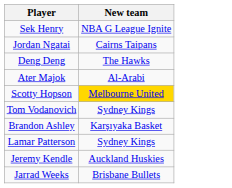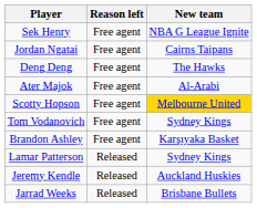 <table class="wikitable sortable sortable" style="text-align: center">
 <tr>
 <th>Player</th>
+<th>Reason left</th>
 <th>New team</th>
 </tr>
 <tr>
 <td><a href='#'>Sek Henry</a></td>
+<td>Free agent</td>
 <td><a href='#'>NBA G League Ignite</a></td>
 </tr>
 <tr>
 <td><a href='#'>Jordan Ngatai</a></td>
+<td>Free agent</td>
 <td><a href='#'>Cairns Taipans</a></td>
 </tr>
 <tr>
 <td><a href='#'>Deng Deng</a></td>
+<td>Free agent</td>
 <td><a href='#'>The Hawks</a></td>
 </tr>
 <tr>
 <td><a href='#'>Ater Majok</a></td>
+<td>Free agent</td>
 <td><a href='#'>Al-Arabi</a></td>
 </tr>
 <tr>
 <td><a href='#'>Scotty Hopson</a></td>
+<td>Free agent</td>
 <td style="background: gold;"><a href='#'>Melbourne United</a></td>
 </tr>
 <tr>
 <td><a href='#'>Tom Vodanovich</a></td>
+<td>Free agent</td>
 <td><a href='#'>Sydney Kings</a></td>
 </tr>
 <tr>
 <td><a href='#'>Brandon Ashley</a></td>
+<td>Free agent</td>
 <td><a href='#'>Karşıyaka Basket</a></td>
 </tr>
 <tr>
 <td><a href='#'>Lamar Patterson</a></td>
+<td>Released</td>
 <td><a href='#'>Sydney Kings</a></td>
 </tr>
 <tr>
 <td><a href='#'>Jeremy Kendle</a></td>
+<td>Released</td>
 <td><a href='#'>Auckland Huskies</a></td>
 </tr>
 <tr>
 <td><a href='#'>Jarrad Weeks</a></td>
+<td>Released</td>
 <td><a href='#'>Brisbane Bullets</a></td>
 </tr>
 </table>
